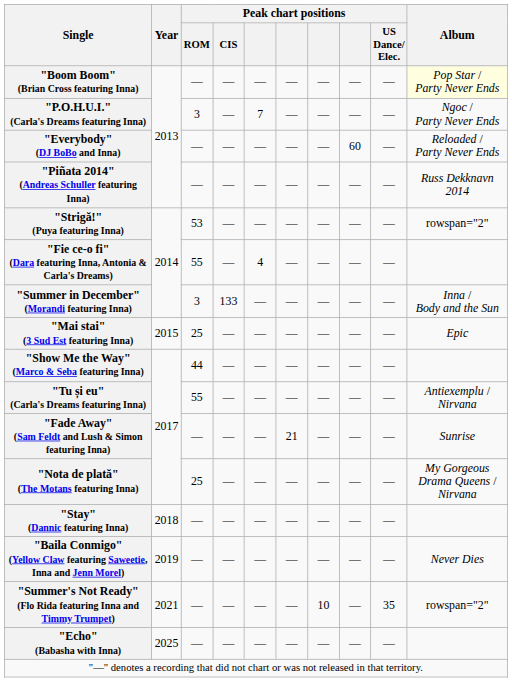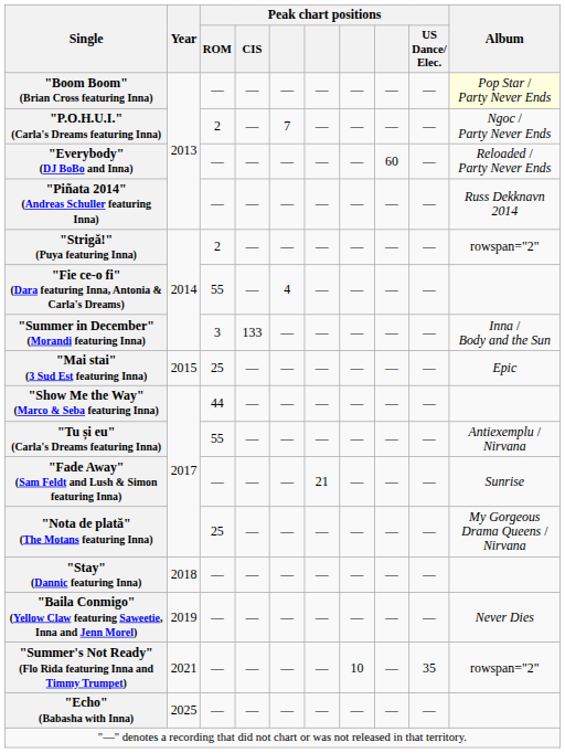 <table class="wikitable plainrowheaders" style="text-align:center;">
 <tr>
 <th scope="col" rowspan="2" style="width:12em;">Single</th>
 <th scope="col" rowspan="2" style="width:1em;">Year</th>
 <th scope="col" colspan="7" style="width:5em;">Peak chart positions</th>
 <th scope="col" rowspan="2" style="width:8em;">Album</th>
 </tr>
 <tr>
 <th scope="col" style="width:2.5em;font-size:90%;">ROM<br></th>
 <th scope="col" style="width:2.5em;font-size:90%;">CIS<br></th>
 <th scope="col" style="width:2.5em;font-size:90%;"><a href='#'></a><br></th>
 <th scope="col" style="width:2.5em;font-size:90%;"><a href='#'></a><br></th>
 <th scope="col" style="width:2.5em;font-size:90%;"><a href='#'></a><br></th>
 <th scope="col" style="width:2.5em;font-size:90%;"><a href='#'></a><br></th>
 <th scope="col" style="width:2.5em;font-size:90%;">US<br>Dance/<br>Elec.<br></th>
 </tr>
 <tr>
 <th scope="row">"Boom Boom" <br><small>(Brian Cross featuring Inna)</small></th>
 <td rowspan="4">2013</td>
 <td>—</td>
 <td>—</td>
 <td>—</td>
 <td>—</td>
 <td>—</td>
 <td>—</td>
 <td>—</td>
 <td style="background: lightyellow;"><em>Pop Star</em> /<br> <em>Party Never Ends</em></td>
 </tr>
 <tr>
 <th scope="row">"P.O.H.U.I."<br><small>(Carla's Dreams featuring Inna)</small></th>
-<td>3</td>
+<td>2</td>
 <td>—</td>
 <td>7</td>
 <td>—</td>
 <td>—</td>
 <td>—</td>
 <td>—</td>
 <td><em>Ngoc</em> /<br> <em>Party Never Ends</em></td>
 </tr>
 <tr>
 <th scope="row">"Everybody" <br><small>(<a href='#'>DJ BoBo</a> and Inna)</small></th>
 <td>—</td>
 <td>—</td>
 <td>—</td>
 <td>—</td>
 <td>—</td>
 <td>60</td>
 <td>—</td>
 <td><em>Reloaded</em> /<br> <em>Party Never Ends</em></td>
 </tr>
 <tr>
 <th scope="row">"Piñata 2014"<br><small>(<a href='#'>Andreas Schuller</a> featuring Inna)</small></th>
 <td>—</td>
 <td>—</td>
 <td>—</td>
 <td>—</td>
 <td>—</td>
 <td>—</td>
 <td>—</td>
 <td><em>Russ Dekknavn 2014</em></td>
 </tr>
 <tr>
 <th scope="row">"Strigă!"<br><small>(Puya featuring Inna)</small></th>
 <td rowspan="3">2014</td>
-<td>53</td>
+<td>2</td>
 <td>—</td>
 <td>—</td>
 <td>—</td>
 <td>—</td>
 <td>—</td>
 <td>—</td>
 <td>rowspan="2" </td>
 </tr>
 <tr>
 <th scope="row">"Fie ce-o fi"<br><small>(<a href='#'>Dara</a> featuring Inna, Antonia & Carla's Dreams)</small></th>
 <td>55</td>
 <td>—</td>
 <td>4</td>
 <td>—</td>
 <td>—</td>
 <td>—</td>
 <td>—</td>
 </tr>
 <tr>
 <th scope="row">"Summer in December"<br><small>(<a href='#'>Morandi</a> featuring Inna)</small></th>
 <td>3</td>
 <td>133</td>
 <td>—</td>
 <td>—</td>
 <td>—</td>
 <td>—</td>
 <td>—</td>
 <td><em>Inna</em> /<br> <em>Body and the Sun</em></td>
 </tr>
 <tr>
 <th scope="row">"Mai stai"<br><small>(<a href='#'>3 Sud Est</a> featuring Inna)</small></th>
 <td>2015</td>
 <td>25</td>
 <td>—</td>
 <td>—</td>
 <td>—</td>
 <td>—</td>
 <td>—</td>
 <td>—</td>
 <td><em>Epic</em></td>
 </tr>
 <tr>
 <th scope="row">"Show Me the Way"<br><small>(<a href='#'>Marco & Seba</a> featuring Inna)</small></th>
 <td rowspan="4">2017</td>
 <td>44</td>
 <td>—</td>
 <td>—</td>
 <td>—</td>
 <td>—</td>
 <td>—</td>
 <td>—</td>
 <td></td>
 </tr>
 <tr>
 <th scope="row">"Tu și eu"<br><small>(Carla's Dreams featuring Inna)</small></th>
 <td>55</td>
 <td>—</td>
 <td>—</td>
 <td>—</td>
 <td>—</td>
 <td>—</td>
 <td>—</td>
 <td><em>Antiexemplu</em> /<br><em>Nirvana</em></td>
 </tr>
 <tr>
 <th scope="row">"Fade Away"<br><small>(<a href='#'>Sam Feldt</a> and Lush & Simon featuring Inna)</small></th>
 <td>—</td>
 <td>—</td>
 <td>—</td>
 <td>21</td>
 <td>—</td>
 <td>—</td>
 <td>—</td>
 <td><em>Sunrise</em></td>
 </tr>
 <tr>
 <th scope="row">"Nota de plată"<br><small>(<a href='#'>The Motans</a> featuring Inna)</small></th>
 <td>25</td>
 <td>—</td>
 <td>—</td>
 <td>—</td>
 <td>—</td>
 <td>—</td>
 <td>—</td>
 <td><em>My Gorgeous Drama Queens</em> / <em>Nirvana</em></td>
 </tr>
 <tr>
 <th scope="row">"Stay"<br><small>(<a href='#'>Dannic</a> featuring Inna)</small></th>
 <td>2018</td>
 <td>—</td>
 <td>—</td>
 <td>—</td>
 <td>—</td>
 <td>—</td>
 <td>—</td>
 <td>—</td>
 <td></td>
 </tr>
 <tr>
 <th scope="row">"Baila Conmigo"<br><small>(<a href='#'>Yellow Claw</a> featuring <a href='#'>Saweetie</a>, Inna and <a href='#'>Jenn Morel</a>)</small></th>
 <td>2019</td>
 <td>—</td>
 <td>—</td>
 <td>—</td>
 <td>—</td>
 <td>—</td>
 <td>—</td>
 <td>—</td>
 <td><em>Never Dies</em></td>
 </tr>
 <tr>
 <th scope="row">"Summer's Not Ready"<br><small>(Flo Rida featuring Inna and <a href='#'>Timmy Trumpet</a>)</small></th>
 <td>2021</td>
 <td>—</td>
 <td>—</td>
 <td>—</td>
 <td>—</td>
 <td>10</td>
 <td>—</td>
 <td>35</td>
 <td>rowspan="2" </td>
 </tr>
 <tr>
 <th scope="row">"Echo"<br><small>(Babasha with Inna)</small></th>
 <td>2025</td>
 <td>—</td>
 <td>—</td>
 <td>—</td>
 <td>—</td>
 <td>—</td>
 <td>—</td>
 <td>—</td>
 </tr>
 <tr>
 <td colspan="12" style="font-size:90%">"—" denotes a recording that did not chart or was not released in that territory.</td>
 </tr>
 </table>
